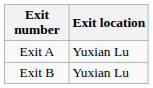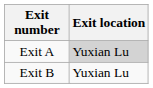 <table class="wikitable">
 <tr>
 <th style="width:70px" colspan="2">Exit number</th>
 <th>Exit location</th>
 </tr>
 <tr>
 <td align="center" colspan="2">Exit A</td>
-<td>Yuxian Lu</td>
+<td style="background: lightgrey;">Yuxian Lu</td>
 </tr>
 <tr>
 <td align="center" colspan="2">Exit B</td>
 <td>Yuxian Lu</td>
 </tr>
 </table>
